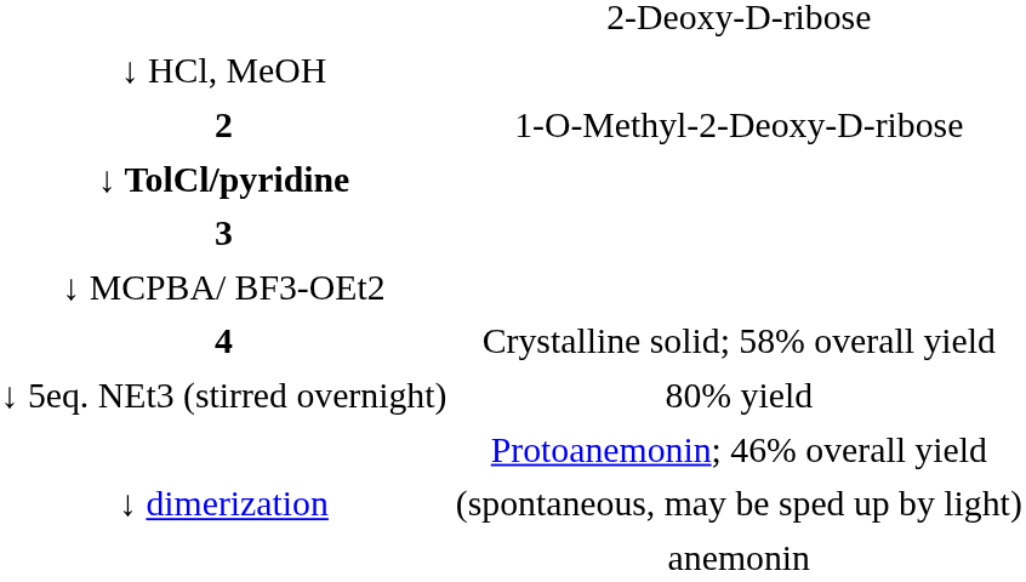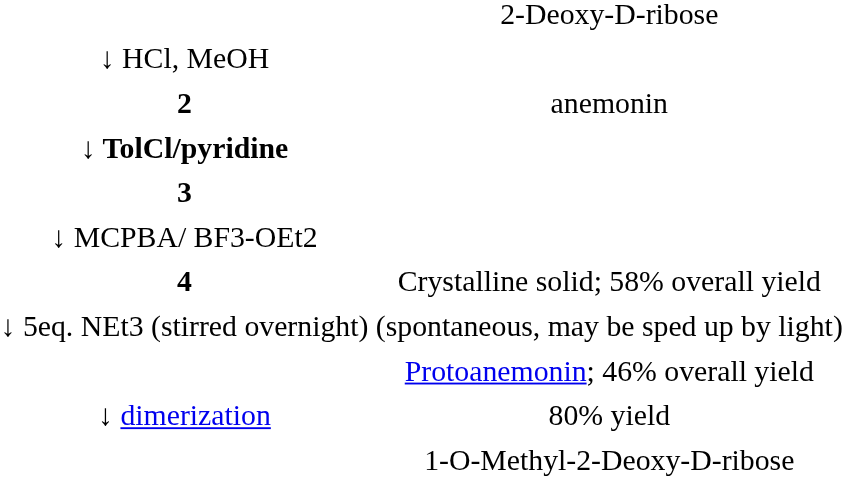 <table style="text-align:center">
 <tr>
 <td></td>
 <td>2-Deoxy-D-ribose</td>
 </tr>
 <tr>
 </tr>
 <tr>
 <td>↓ HCl, MeOH</td>
 <td></td>
 </tr>
 <tr>
 </tr>
 <tr>
 <td><strong>2</strong></td>
-<td>1-O-Methyl-2-Deoxy-D-ribose</td>
+<td>anemonin</td>
 </tr>
 <tr>
 </tr>
 <tr>
 <td><strong>↓ TolCl/pyridine</strong></td>
 <td></td>
 </tr>
 <tr>
 </tr>
 <tr>
 <td><strong>3</strong></td>
 <td></td>
 </tr>
 <tr>
 </tr>
 <tr>
 <td>↓ MCPBA/ BF3-OEt2</td>
 <td></td>
 </tr>
 <tr>
 </tr>
 <tr>
 <td><strong>4</strong></td>
 <td>Crystalline solid; 58% overall yield</td>
 </tr>
 <tr>
 </tr>
 <tr>
 <td>↓ 5eq. NEt3 (stirred overnight)</td>
-<td>80% yield</td>
+<td>(spontaneous, may be sped up by light)</td>
 </tr>
 <tr>
 </tr>
 <tr>
 <td></td>
 <td><a href='#'>Protoanemonin</a>; 46% overall yield </td>
 </tr>
 <tr>
 </tr>
 <tr>
 <td>↓ <a href='#'>dimerization</a></td>
-<td>(spontaneous, may be sped up by light)</td>
+<td>80% yield</td>
 </tr>
 <tr>
 </tr>
 <tr>
 <td></td>
-<td>anemonin</td>
+<td>1-O-Methyl-2-Deoxy-D-ribose</td>
 </tr>
 </table>
